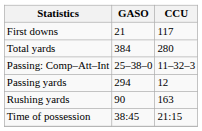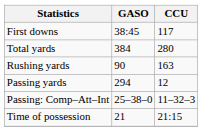 <table class="wikitable" style="float: left;">
 <tr>
 <th>Statistics</th>
 <th>GASO</th>
 <th>CCU</th>
 </tr>
 <tr>
 <td>First downs</td>
-<td>21</td>
+<td>38:45</td>
 <td>117</td>
 </tr>
 <tr>
 <td>Total yards</td>
 <td>384</td>
 <td>280</td>
 </tr>
 <tr>
-<td>Passing: Comp–Att–Int</td>
-<td>25–38–0</td>
-<td>11–32–3</td>
+<td>Rushing yards</td>
+<td>90</td>
+<td>163</td>
 </tr>
 <tr>
 <td>Passing yards</td>
 <td>294</td>
 <td>12</td>
 </tr>
 <tr>
-<td>Rushing yards</td>
-<td>90</td>
-<td>163</td>
+<td>Passing: Comp–Att–Int</td>
+<td>25–38–0</td>
+<td>11–32–3</td>
 </tr>
 <tr>
 <td>Time of possession</td>
-<td>38:45</td>
+<td>21</td>
 <td>21:15</td>
 </tr>
 <tr>
 </tr>
 </table>
